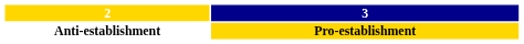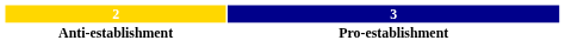 <table style="width:50%; text-align:center;">
 <tr style="color:white;">
 <td style="background:gold; width:40%;"><strong>2</strong></td>
 <td style="background:darkblue; width:60%;"><strong>3</strong></td>
 </tr>
 <tr>
 <td><span><strong>Anti-establishment</strong></span></td>
-<td style="background: gold;"><span><strong>Pro-establishment</strong></span></td>
+<td><span><strong>Pro-establishment</strong></span></td>
 </tr>
 </table>
